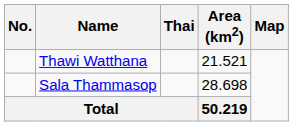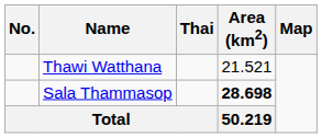 <table class="wikitable sortable">
 <tr>
 <th>No.</th>
 <th>Name</th>
 <th>Thai</th>
 <th>Area<br>(km<sup>2</sup>)</th>
 <th>Map</th>
 </tr>
 <tr>
 <td></td>
 <td><a href='#'>Thawi Watthana</a></td>
 <td></td>
 <td><div>21.521</div></td>
 <td rowspan=3></td>
 </tr>
 <tr>
 <td></td>
 <td><a href='#'>Sala Thammasop</a></td>
 <td></td>
-<td><div>28.698</div></td>
+<td><strong><div>28.698</div></strong></td>
 </tr>
 <tr>
 <th colspan=3>Total</th>
 <th><div>50.219</div></th>
 </tr>
 </table>
